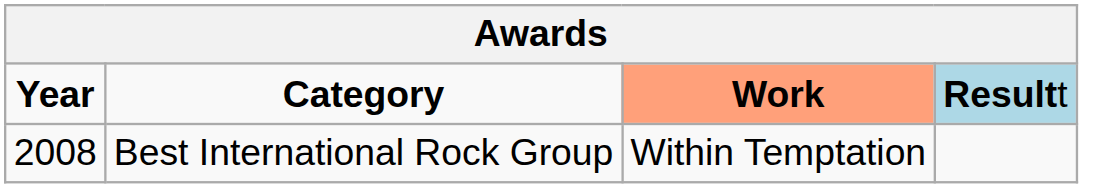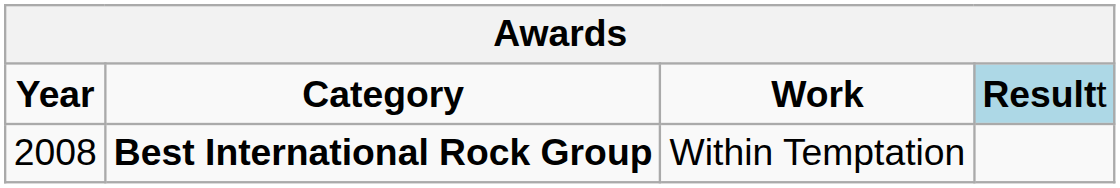 <table class="wikitable">
 <tr style="text-align:center;">
 <th colspan=5>Awards</th>
 </tr>
 <tr style="text-align:center;">
 <td><strong>Year</strong></td>
 <td><strong>Category</strong></td>
-<td style="background: lightsalmon;"><strong>Work</strong></td>
+<td><strong>Work</strong></td>
 <td style="background: lightblue;"><strong>Result</strong>t</td>
 </tr>
 <tr>
 <td>2008</td>
-<td>Best International Rock Group</td>
+<td><strong>Best International Rock Group</strong></td>
 <td>Within Temptation</td>
 <td></td>
 </tr>
 </table>
